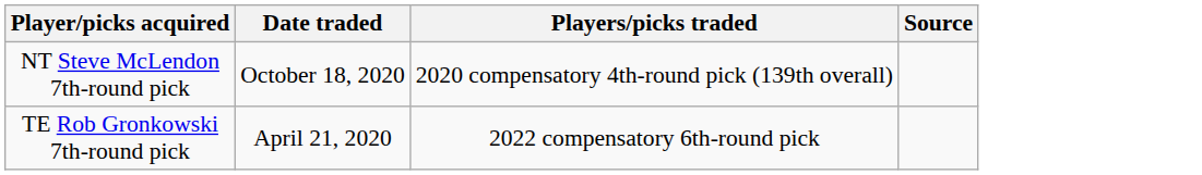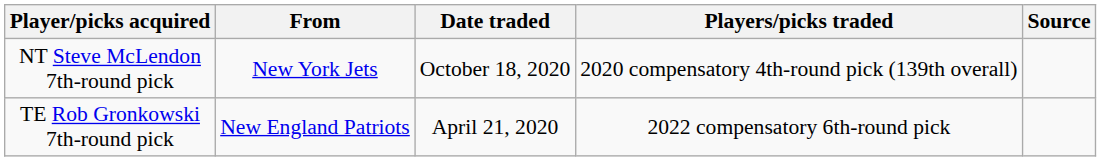 <table class="wikitable sortable" style="text-align:center">
 <tr>
 <th>Player/picks acquired</th>
+<th>From</th>
 <th>Date traded</th>
 <th>Players/picks traded</th>
 <th>Source</th>
 </tr>
 <tr>
 <td>NT <a href='#'>Steve McLendon</a><br>7th-round pick</td>
+<td><a href='#'>New York Jets</a></td>
 <td>October 18, 2020</td>
 <td>2020 compensatory 4th-round pick (139th overall)</td>
 <td></td>
 </tr>
 <tr>
 <td>TE <a href='#'>Rob Gronkowski</a><br>7th-round pick</td>
+<td><a href='#'>New England Patriots</a></td>
 <td>April 21, 2020</td>
 <td>2022 compensatory 6th-round pick</td>
 <td></td>
 </tr>
 </table>
